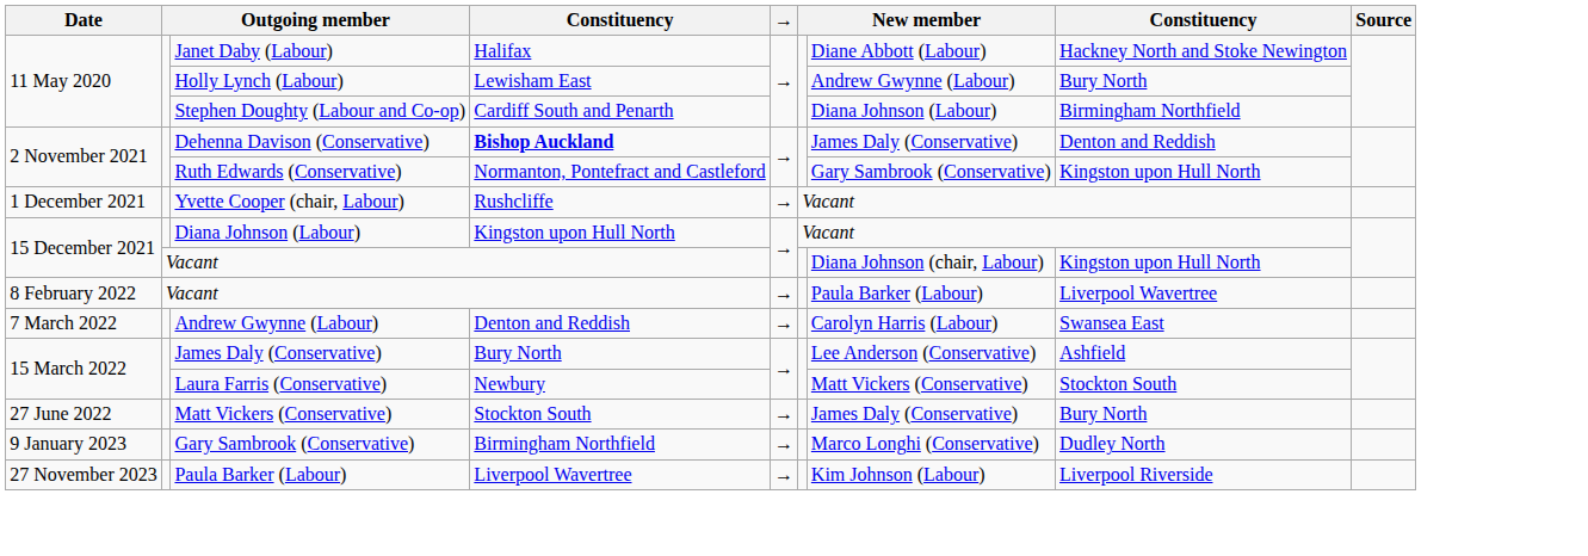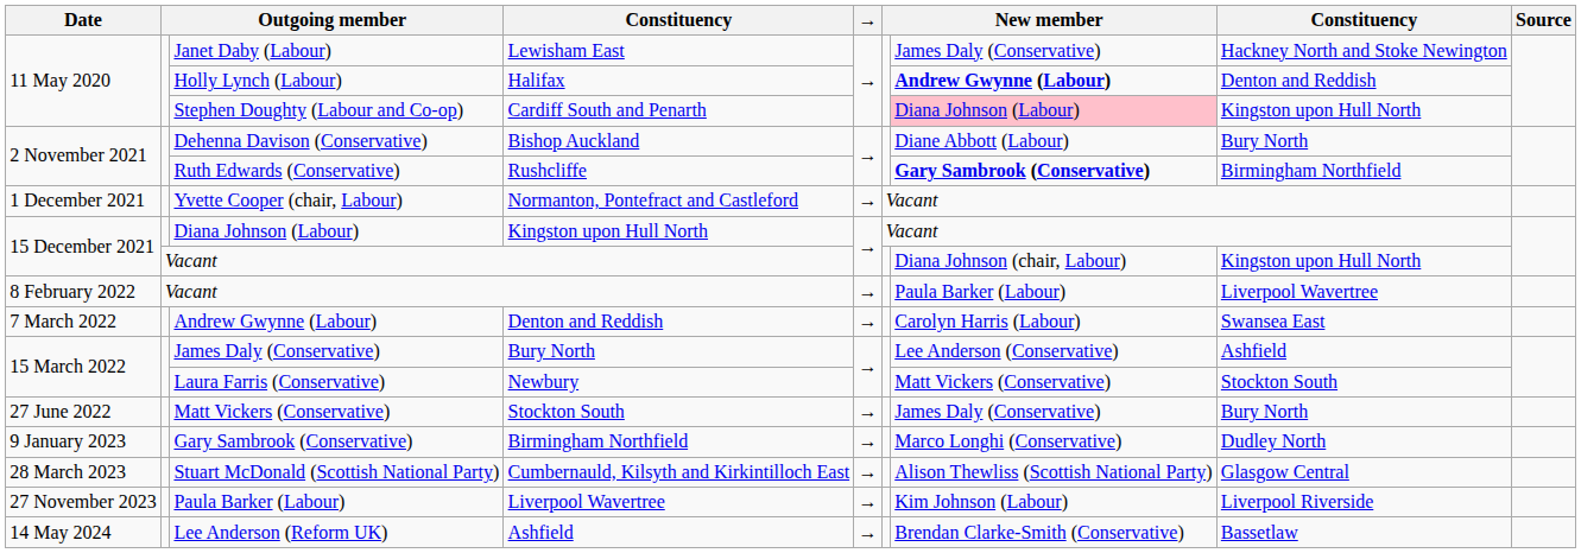 <table class="wikitable">
 <tr>
 <th valign="top">Date</th>
 <th colspan="2" valign="top">Outgoing member</th>
 <th valign="top">Constituency</th>
 <th>→</th>
 <th colspan="2" valign="top">New member</th>
 <th valign="top">Constituency</th>
 <th valign="top">Source</th>
 </tr>
 <tr>
 <td rowspan="3">11 May 2020</td>
 <td rowspan="3" style="color:inherit;background:"></td>
 <td><a href='#'>Janet Daby</a> (<a href='#'>Labour</a>)</td>
-<td><a href='#'>Halifax</a></td>
+<td><a href='#'>Lewisham East</a></td>
 <td rowspan="3">→</td>
 <td rowspan="3" style="color:inherit;background:"></td>
-<td><a href='#'>Diane Abbott</a> (<a href='#'>Labour</a>)</td>
+<td><a href='#'>James Daly</a> (<a href='#'>Conservative</a>)</td>
 <td><a href='#'>Hackney North and Stoke Newington</a></td>
 <td rowspan="3"></td>
 </tr>
 <tr>
 <td><a href='#'>Holly Lynch</a> (<a href='#'>Labour</a>)</td>
-<td><a href='#'>Lewisham East</a></td>
-<td><a href='#'>Andrew Gwynne</a> (<a href='#'>Labour</a>)</td>
-<td><a href='#'>Bury North</a></td>
+<td><a href='#'>Halifax</a></td>
+<td><strong><a href='#'>Andrew Gwynne</a> (<a href='#'>Labour</a>)</strong></td>
+<td><a href='#'>Denton and Reddish</a></td>
 </tr>
 <tr>
 <td><a href='#'>Stephen Doughty</a> (<a href='#'>Labour and Co-op</a>)</td>
 <td><a href='#'>Cardiff South and Penarth</a></td>
-<td><a href='#'>Diana Johnson</a> (<a href='#'>Labour</a>)</td>
-<td><a href='#'>Birmingham Northfield</a></td>
+<td style="background: pink;"><a href='#'>Diana Johnson</a> (<a href='#'>Labour</a>)</td>
+<td><a href='#'>Kingston upon Hull North</a></td>
 </tr>
 <tr>
 <td rowspan="2">2 November 2021</td>
 <td rowspan="2" style="color:inherit;background:"></td>
 <td><a href='#'>Dehenna Davison</a> (<a href='#'>Conservative</a>)</td>
-<td><strong><a href='#'>Bishop Auckland</a></strong></td>
+<td><a href='#'>Bishop Auckland</a></td>
 <td rowspan="2">→</td>
 <td rowspan="2" style="color:inherit;background:"></td>
-<td><a href='#'>James Daly</a> (<a href='#'>Conservative</a>)</td>
-<td><a href='#'>Denton and Reddish</a></td>
+<td><a href='#'>Diane Abbott</a> (<a href='#'>Labour</a>)</td>
+<td><a href='#'>Bury North</a></td>
 <td rowspan="2"></td>
 </tr>
 <tr>
 <td><a href='#'>Ruth Edwards</a> (<a href='#'>Conservative</a>)</td>
-<td><a href='#'>Normanton, Pontefract and Castleford</a></td>
-<td><a href='#'>Gary Sambrook</a> (<a href='#'>Conservative</a>)</td>
-<td><a href='#'>Kingston upon Hull North</a></td>
+<td><a href='#'>Rushcliffe</a></td>
+<td><strong><a href='#'>Gary Sambrook</a> (<a href='#'>Conservative</a>)</strong></td>
+<td><a href='#'>Birmingham Northfield</a></td>
 </tr>
 <tr>
 <td>1 December 2021</td>
 <td style="color:inherit;background:"></td>
 <td><a href='#'>Yvette Cooper</a> (chair, <a href='#'>Labour</a>)</td>
-<td><a href='#'>Rushcliffe</a></td>
+<td><a href='#'>Normanton, Pontefract and Castleford</a></td>
 <td>→</td>
 <td colspan=3><em>Vacant</em></td>
 <td></td>
 </tr>
 <tr>
 <td rowspan="2">15 December 2021</td>
 <td style="color:inherit;background:"></td>
 <td><a href='#'>Diana Johnson</a> (<a href='#'>Labour</a>)</td>
 <td><a href='#'>Kingston upon Hull North</a></td>
 <td rowspan="2">→</td>
 <td colspan="3"><em>Vacant</em></td>
 <td rowspan="2"></td>
 </tr>
 <tr>
 <td colspan="3"><em>Vacant</em></td>
 <td style="color:inherit;background:"></td>
 <td><a href='#'>Diana Johnson</a> (chair, <a href='#'>Labour</a>)</td>
 <td><a href='#'>Kingston upon Hull North</a></td>
 </tr>
 <tr>
 <td>8 February 2022</td>
 <td colspan=3><em>Vacant</em></td>
 <td>→</td>
 <td style="color:inherit;background:"></td>
 <td><a href='#'>Paula Barker</a> (<a href='#'>Labour</a>)</td>
 <td><a href='#'>Liverpool Wavertree</a></td>
 <td></td>
 </tr>
 <tr>
 <td>7 March 2022</td>
 <td style="color:inherit;background:"></td>
 <td><a href='#'>Andrew Gwynne</a> (<a href='#'>Labour</a>)</td>
 <td><a href='#'>Denton and Reddish</a></td>
 <td>→</td>
 <td style="color:inherit;background:"></td>
 <td><a href='#'>Carolyn Harris</a> (<a href='#'>Labour</a>)</td>
 <td><a href='#'>Swansea East</a></td>
 <td></td>
 </tr>
 <tr>
 <td rowspan="2">15 March 2022</td>
 <td rowspan="2" style="color:inherit;background:"></td>
 <td><a href='#'>James Daly</a> (<a href='#'>Conservative</a>)</td>
 <td><a href='#'>Bury North</a></td>
 <td rowspan="2">→</td>
 <td rowspan="2" style="color:inherit;background:"></td>
 <td><a href='#'>Lee Anderson</a> (<a href='#'>Conservative</a>)</td>
 <td><a href='#'>Ashfield</a></td>
 <td rowspan="2"></td>
 </tr>
 <tr>
 <td><a href='#'>Laura Farris</a> (<a href='#'>Conservative</a>)</td>
 <td><a href='#'>Newbury</a></td>
 <td><a href='#'>Matt Vickers</a> (<a href='#'>Conservative</a>)</td>
 <td><a href='#'>Stockton South</a></td>
 </tr>
 <tr>
 <td>27 June 2022</td>
 <td style="color:inherit;background:"></td>
 <td><a href='#'>Matt Vickers</a> (<a href='#'>Conservative</a>)</td>
 <td><a href='#'>Stockton South</a></td>
 <td>→</td>
 <td style="color:inherit;background:"></td>
 <td><a href='#'>James Daly</a> (<a href='#'>Conservative</a>)</td>
 <td><a href='#'>Bury North</a></td>
 <td></td>
 </tr>
 <tr>
 <td>9 January 2023</td>
 <td style="color:inherit;background:"></td>
 <td><a href='#'>Gary Sambrook</a> (<a href='#'>Conservative</a>)</td>
 <td><a href='#'>Birmingham Northfield</a></td>
 <td>→</td>
 <td style="color:inherit;background:"></td>
 <td><a href='#'>Marco Longhi</a> (<a href='#'>Conservative</a>)</td>
 <td><a href='#'>Dudley North</a></td>
 <td></td>
 </tr>
 <tr>
+<td>28 March 2023</td>
+<td style="color:inherit;background:"></td>
+<td><a href='#'>Stuart McDonald</a> (<a href='#'>Scottish National Party</a>)</td>
+<td><a href='#'>Cumbernauld, Kilsyth and Kirkintilloch East</a></td>
+<td>→</td>
+<td style="color:inherit;background:"></td>
+<td><a href='#'>Alison Thewliss</a> (<a href='#'>Scottish National Party</a>)</td>
+<td><a href='#'>Glasgow Central</a></td>
+<td></td>
+</tr>
+<tr>
 <td>27 November 2023</td>
 <td style="color:inherit;background:"></td>
 <td><a href='#'>Paula Barker</a> (<a href='#'>Labour</a>)</td>
 <td><a href='#'>Liverpool Wavertree</a></td>
 <td>→</td>
 <td style="color:inherit;background:"></td>
 <td><a href='#'>Kim Johnson</a> (<a href='#'>Labour</a>)</td>
 <td><a href='#'>Liverpool Riverside</a></td>
 <td></td>
 </tr>
+<tr>
+<td>14 May 2024</td>
+<td style="color:inherit;background:"></td>
+<td><a href='#'>Lee Anderson</a> (<a href='#'>Reform UK</a>)</td>
+<td><a href='#'>Ashfield</a></td>
+<td>→</td>
+<td style="color:inherit;background:"></td>
+<td><a href='#'>Brendan Clarke-Smith</a> (<a href='#'>Conservative</a>)</td>
+<td><a href='#'>Bassetlaw</a></td>
+<td></td>
+</tr>
 </table>
